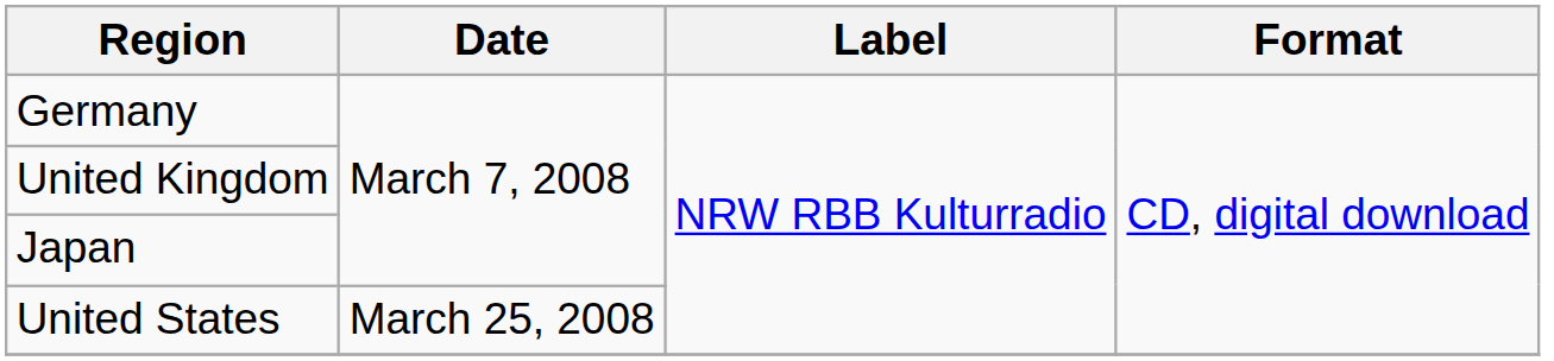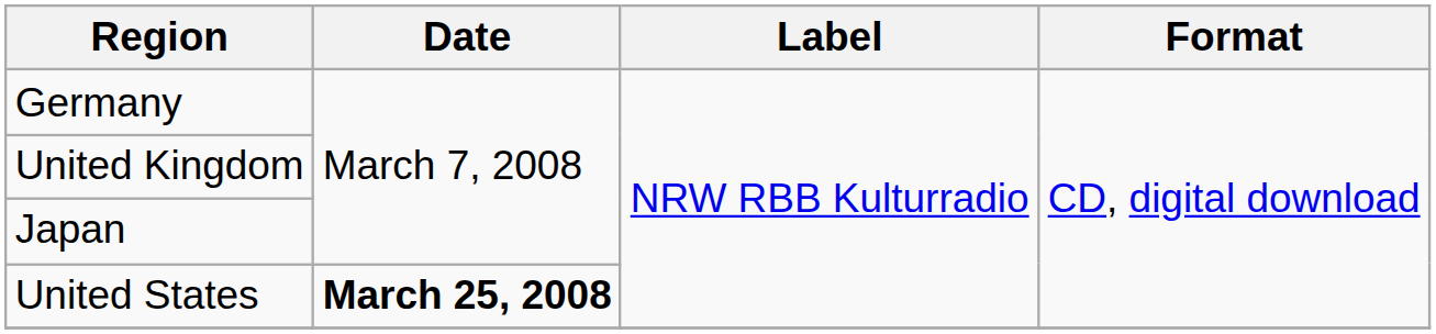 <table class="wikitable">
 <tr>
 <th>Region</th>
 <th>Date</th>
 <th>Label</th>
 <th>Format</th>
 </tr>
 <tr>
 <td>Germany</td>
 <td rowspan="3">March 7, 2008</td>
 <td rowspan="4"><a href='#'>NRW RBB Kulturradio</a></td>
 <td rowspan="4"><a href='#'>CD</a>, <a href='#'>digital download</a></td>
 </tr>
 <tr>
 <td>United Kingdom</td>
 </tr>
 <tr>
 <td>Japan</td>
 </tr>
 <tr>
 <td>United States</td>
-<td rowspan="1">March 25, 2008</td>
+<td rowspan="1"><strong>March 25, 2008</strong></td>
 </tr>
 <tr>
 </tr>
 </table>
